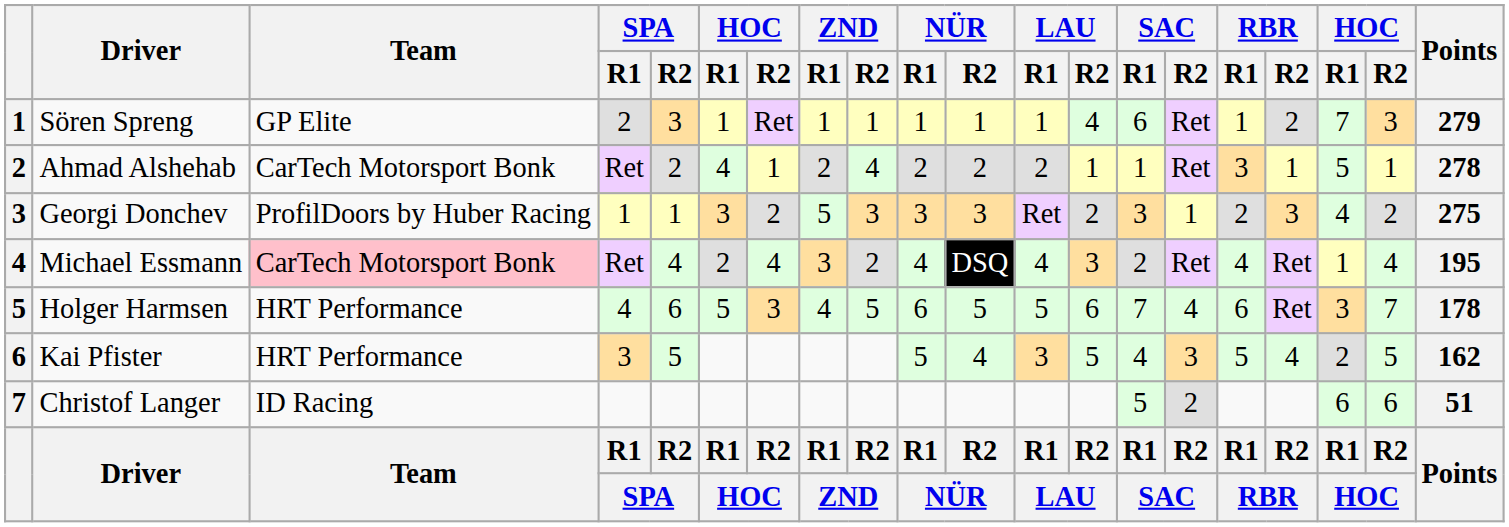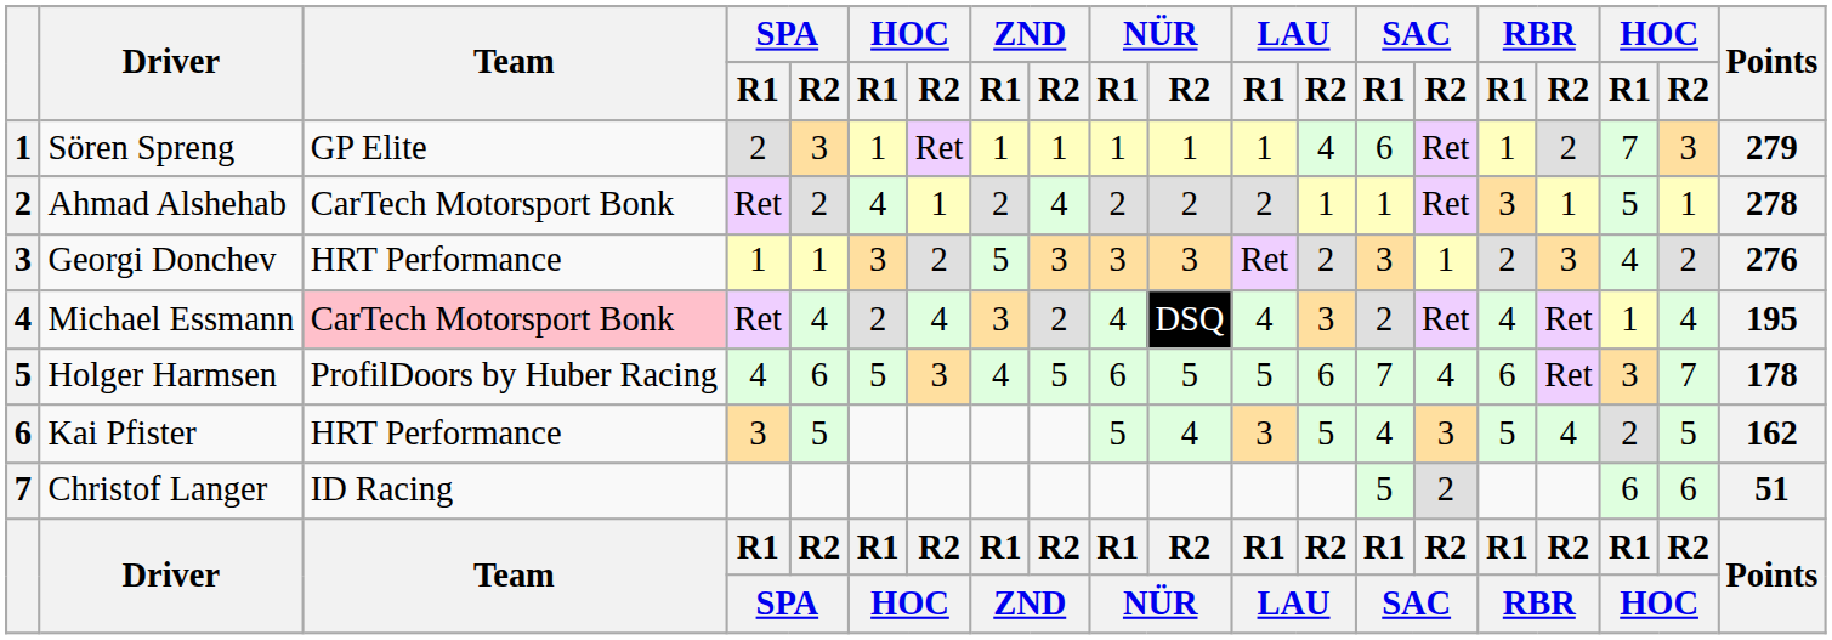 <table class="wikitable" style="font-size:85%;">
 <tr>
 <th rowspan=2></th>
 <th rowspan=2>Driver</th>
 <th rowspan=2>Team</th>
 <th colspan=2><a href='#'>SPA</a><br></th>
 <th colspan=2><a href='#'>HOC</a><br></th>
 <th colspan=2><a href='#'>ZND</a><br></th>
 <th colspan=2><a href='#'>NÜR</a><br></th>
 <th colspan=2><a href='#'>LAU</a><br></th>
 <th colspan=2><a href='#'>SAC</a><br></th>
 <th colspan=2><a href='#'>RBR</a><br></th>
 <th colspan=2><a href='#'>HOC</a><br></th>
 <th rowspan=2>Points</th>
 </tr>
 <tr>
 <th>R1</th>
 <th>R2</th>
 <th>R1</th>
 <th>R2</th>
 <th>R1</th>
 <th>R2</th>
 <th>R1</th>
 <th>R2</th>
 <th>R1</th>
 <th>R2</th>
 <th>R1</th>
 <th>R2</th>
 <th>R1</th>
 <th>R2</th>
 <th>R1</th>
 <th>R2</th>
 </tr>
 <tr>
 <th>1</th>
 <td> Sören Spreng</td>
 <td> GP Elite</td>
 <td align="center" style="background:#dfdfdf;">2</td>
 <td align="center" style="background:#ffdf9f;">3</td>
 <td align="center" style="background:#ffffbf;">1</td>
 <td align="center" style="background:#efcfff;">Ret</td>
 <td align="center" style="background:#ffffbf;">1</td>
 <td align="center" style="background:#ffffbf;">1</td>
 <td align="center" style="background:#ffffbf;">1</td>
 <td align="center" style="background:#ffffbf;">1</td>
 <td align="center" style="background:#ffffbf;">1</td>
 <td align="center" style="background:#dfffdf;">4</td>
 <td align="center" style="background:#dfffdf;">6</td>
 <td align="center" style="background:#efcfff;">Ret</td>
 <td align="center" style="background:#ffffbf;">1</td>
 <td align="center" style="background:#dfdfdf;">2</td>
 <td align="center" style="background:#dfffdf;">7</td>
 <td align="center" style="background:#ffdf9f;">3</td>
 <th>279</th>
 </tr>
 <tr>
 <th>2</th>
 <td> Ahmad Alshehab</td>
 <td> CarTech Motorsport Bonk</td>
 <td align="center" style="background:#efcfff;">Ret</td>
 <td align="center" style="background:#dfdfdf;">2</td>
 <td align="center" style="background:#dfffdf;">4</td>
 <td align="center" style="background:#ffffbf;">1</td>
 <td align="center" style="background:#dfdfdf;">2</td>
 <td align="center" style="background:#dfffdf;">4</td>
 <td align="center" style="background:#dfdfdf;">2</td>
 <td align="center" style="background:#dfdfdf;">2</td>
 <td align="center" style="background:#dfdfdf;">2</td>
 <td align="center" style="background:#ffffbf;">1</td>
 <td align="center" style="background:#ffffbf;">1</td>
 <td align="center" style="background:#efcfff;">Ret</td>
 <td align="center" style="background:#ffdf9f;">3</td>
 <td align="center" style="background:#ffffbf;">1</td>
 <td align="center" style="background:#dfffdf;">5</td>
 <td align="center" style="background:#ffffbf;">1</td>
 <th>278</th>
 </tr>
 <tr>
 <th>3</th>
 <td> Georgi Donchev</td>
-<td> ProfilDoors by Huber Racing</td>
+<td> HRT Performance</td>
 <td align="center" style="background:#ffffbf;">1</td>
 <td align="center" style="background:#ffffbf;">1</td>
 <td align="center" style="background:#ffdf9f;">3</td>
 <td align="center" style="background:#dfdfdf;">2</td>
 <td align="center" style="background:#dfffdf;">5</td>
 <td align="center" style="background:#ffdf9f;">3</td>
 <td align="center" style="background:#ffdf9f;">3</td>
 <td align="center" style="background:#ffdf9f;">3</td>
 <td align="center" style="background:#efcfff;">Ret</td>
 <td align="center" style="background:#dfdfdf;">2</td>
 <td align="center" style="background:#ffdf9f;">3</td>
 <td align="center" style="background:#ffffbf;">1</td>
 <td align="center" style="background:#dfdfdf;">2</td>
 <td align="center" style="background:#ffdf9f;">3</td>
 <td align="center" style="background:#dfffdf;">4</td>
 <td align="center" style="background:#dfdfdf;">2</td>
-<th>275</th>
+<th>276</th>
 </tr>
 <tr>
 <th>4</th>
 <td> Michael Essmann</td>
 <td style="background: pink;"> CarTech Motorsport Bonk</td>
 <td align="center" style="background:#efcfff;">Ret</td>
 <td align="center" style="background:#dfffdf;">4</td>
 <td align="center" style="background:#dfdfdf;">2</td>
 <td align="center" style="background:#dfffdf;">4</td>
 <td align="center" style="background:#ffdf9f;">3</td>
 <td align="center" style="background:#dfdfdf;">2</td>
 <td align="center" style="background:#dfffdf;">4</td>
 <td align="center" style="background:#000000; color:white;">DSQ</td>
 <td align="center" style="background:#dfffdf;">4</td>
 <td align="center" style="background:#ffdf9f;">3</td>
 <td align="center" style="background:#dfdfdf;">2</td>
 <td align="center" style="background:#efcfff;">Ret</td>
 <td align="center" style="background:#dfffdf;">4</td>
 <td align="center" style="background:#efcfff;">Ret</td>
 <td align="center" style="background:#ffffbf;">1</td>
 <td align="center" style="background:#dfffdf;">4</td>
 <th>195</th>
 </tr>
 <tr>
 <th>5</th>
 <td> Holger Harmsen</td>
-<td> HRT Performance</td>
+<td> ProfilDoors by Huber Racing</td>
 <td align="center" style="background:#dfffdf;">4</td>
 <td align="center" style="background:#dfffdf;">6</td>
 <td align="center" style="background:#dfffdf;">5</td>
 <td align="center" style="background:#ffdf9f;">3</td>
 <td align="center" style="background:#dfffdf;">4</td>
 <td align="center" style="background:#dfffdf;">5</td>
 <td align="center" style="background:#dfffdf;">6</td>
 <td align="center" style="background:#dfffdf;">5</td>
 <td align="center" style="background:#dfffdf;">5</td>
 <td align="center" style="background:#dfffdf;">6</td>
 <td align="center" style="background:#dfffdf;">7</td>
 <td align="center" style="background:#dfffdf;">4</td>
 <td align="center" style="background:#dfffdf;">6</td>
 <td align="center" style="background:#efcfff;">Ret</td>
 <td align="center" style="background:#ffdf9f;">3</td>
 <td align="center" style="background:#dfffdf;">7</td>
 <th>178</th>
 </tr>
 <tr>
 <th>6</th>
 <td> Kai Pfister</td>
 <td> HRT Performance</td>
 <td align="center" style="background:#ffdf9f;">3</td>
 <td align="center" style="background:#dfffdf;">5</td>
 <td></td>
 <td></td>
 <td></td>
 <td></td>
 <td align="center" style="background:#dfffdf;">5</td>
 <td align="center" style="background:#dfffdf;">4</td>
 <td align="center" style="background:#ffdf9f;">3</td>
 <td align="center" style="background:#dfffdf;">5</td>
 <td align="center" style="background:#dfffdf;">4</td>
 <td align="center" style="background:#ffdf9f;">3</td>
 <td align="center" style="background:#dfffdf;">5</td>
 <td align="center" style="background:#dfffdf;">4</td>
 <td align="center" style="background:#dfdfdf;">2</td>
 <td align="center" style="background:#dfffdf;">5</td>
 <th>162</th>
 </tr>
 <tr>
 <th>7</th>
 <td> Christof Langer</td>
 <td> ID Racing</td>
 <td></td>
 <td></td>
 <td></td>
 <td></td>
 <td></td>
 <td></td>
 <td></td>
 <td></td>
 <td></td>
 <td></td>
 <td align="center" style="background:#dfffdf;">5</td>
 <td align="center" style="background:#dfdfdf;">2</td>
 <td></td>
 <td></td>
 <td align="center" style="background:#dfffdf;">6</td>
 <td align="center" style="background:#dfffdf;">6</td>
 <th>51</th>
 </tr>
 <tr>
 <th rowspan=2></th>
 <th rowspan=2>Driver</th>
 <th rowspan=2>Team</th>
 <th>R1</th>
 <th>R2</th>
 <th>R1</th>
 <th>R2</th>
 <th>R1</th>
 <th>R2</th>
 <th>R1</th>
 <th>R2</th>
 <th>R1</th>
 <th>R2</th>
 <th>R1</th>
 <th>R2</th>
 <th>R1</th>
 <th>R2</th>
 <th>R1</th>
 <th>R2</th>
 <th rowspan=2>Points</th>
 </tr>
 <tr>
 <th colspan=2><a href='#'>SPA</a><br></th>
 <th colspan=2><a href='#'>HOC</a><br></th>
 <th colspan=2><a href='#'>ZND</a><br></th>
 <th colspan=2><a href='#'>NÜR</a><br></th>
 <th colspan=2><a href='#'>LAU</a><br></th>
 <th colspan=2><a href='#'>SAC</a><br></th>
 <th colspan=2><a href='#'>RBR</a><br></th>
 <th colspan=2><a href='#'>HOC</a><br></th>
 </tr>
 </table>
